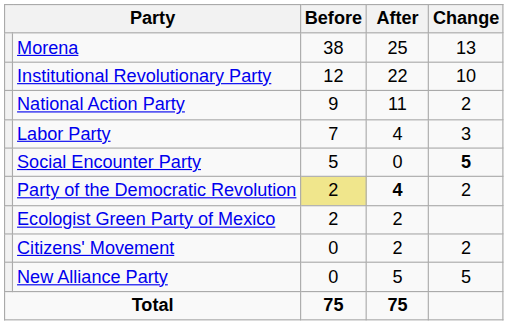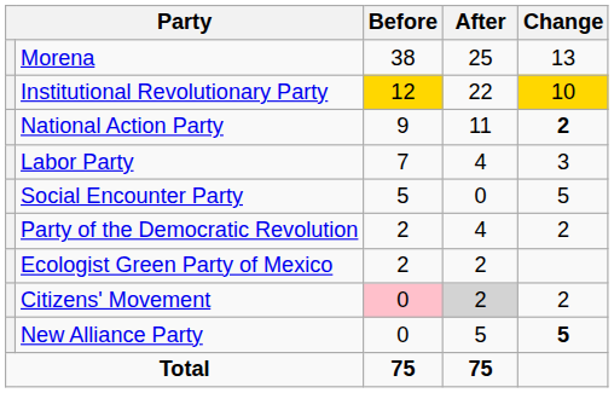 <table class="wikitable" style="text-align:center;">
 <tr>
 <th colspan="2">Party</th>
 <th style="width:3em">Before</th>
 <th style="width:3em">After</th>
 <th style="width:3em">Change</th>
 </tr>
 <tr>
 <th style="background-color:"></th>
 <td style="text-align:left;"><a href='#'>Morena</a></td>
 <td>38</td>
 <td>25</td>
 <td>13</td>
 </tr>
 <tr>
 <th style="background-color:"></th>
 <td style="text-align:left;"><a href='#'>Institutional Revolutionary Party</a></td>
-<td>12</td>
+<td style="background: gold;">12</td>
 <td>22</td>
-<td>10</td>
+<td style="background: gold;">10</td>
 </tr>
 <tr>
 <th style="background-color:"></th>
 <td style="text-align:left;"><a href='#'>National Action Party</a></td>
 <td>9</td>
 <td>11</td>
-<td>2</td>
+<td><strong>2</strong></td>
 </tr>
 <tr>
 <th style="background-color:"></th>
 <td style="text-align:left;"><a href='#'>Labor Party</a></td>
 <td>7</td>
 <td>4</td>
 <td>3</td>
 </tr>
 <tr>
 <th style="background-color:"></th>
 <td style="text-align:left;"><a href='#'>Social Encounter Party</a></td>
 <td>5</td>
 <td>0</td>
-<td><strong>5</strong></td>
+<td>5</td>
 </tr>
 <tr>
 <th style="background-color:"></th>
 <td style="text-align:left;"><a href='#'>Party of the Democratic Revolution</a></td>
-<td style="background: khaki;">2</td>
-<td><strong>4</strong></td>
+<td>2</td>
+<td>4</td>
 <td>2</td>
 </tr>
 <tr>
 <th style="background-color:"></th>
 <td style="text-align:left;"><a href='#'>Ecologist Green Party of Mexico</a></td>
 <td>2</td>
 <td>2</td>
 <td></td>
 </tr>
 <tr>
 <th style="background-color:"></th>
 <td style="text-align:left;"><a href='#'>Citizens' Movement</a></td>
-<td>0</td>
-<td>2</td>
+<td style="background: pink;">0</td>
+<td style="background: lightgrey;">2</td>
 <td>2</td>
 </tr>
 <tr>
 <th style="background-color:"></th>
 <td style="text-align:left;"><a href='#'>New Alliance Party</a></td>
 <td>0</td>
 <td>5</td>
-<td>5</td>
+<td><strong>5</strong></td>
 </tr>
 <tr>
 <td colspan="2"><strong>Total</strong></td>
 <td><strong>75</strong></td>
 <td><strong>75</strong></td>
 <td></td>
 </tr>
 </table>
